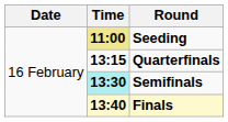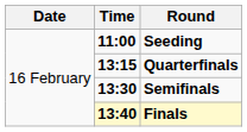 <table class="wikitable">
 <tr>
 <th>Date</th>
 <th>Time</th>
 <th>Round</th>
 </tr>
 <tr>
 <td rowspan=4>16 February</td>
-<td style="background: khaki;"><strong>11:00</strong></td>
+<td><strong>11:00</strong></td>
 <td><strong>Seeding</strong></td>
 </tr>
 <tr>
 <td><strong>13:15</strong></td>
 <td><strong>Quarterfinals</strong></td>
 </tr>
 <tr>
-<td style="background: paleturquoise;"><strong>13:30</strong></td>
+<td><strong>13:30</strong></td>
 <td><strong>Semifinals</strong></td>
 </tr>
 <tr style=background:lemonchiffon>
 <td><strong>13:40</strong></td>
 <td><strong>Finals</strong></td>
 </tr>
 </table>
